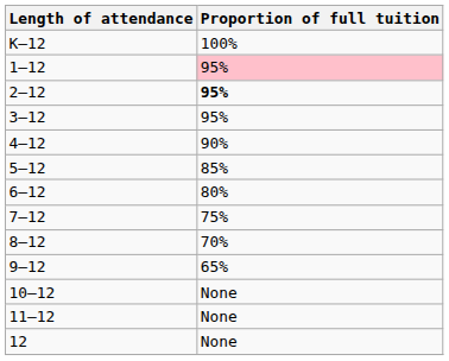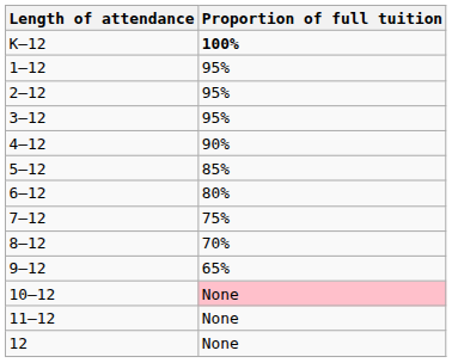 <table class="wikitable">
 <tr>
 <th>Length of attendance</th>
 <th>Proportion of full tuition</th>
 </tr>
 <tr>
 <td>K–12</td>
-<td>100%</td>
+<td><strong>100%</strong></td>
 </tr>
 <tr>
 <td>1–12</td>
-<td style="background: pink;">95%</td>
+<td>95%</td>
 </tr>
 <tr>
 <td>2–12</td>
-<td><strong>95%</strong></td>
+<td>95%</td>
 </tr>
 <tr>
 <td>3–12</td>
 <td>95%</td>
 </tr>
 <tr>
 <td>4–12</td>
 <td>90%</td>
 </tr>
 <tr>
 <td>5–12</td>
 <td>85%</td>
 </tr>
 <tr>
 <td>6–12</td>
 <td>80%</td>
 </tr>
 <tr>
 <td>7–12</td>
 <td>75%</td>
 </tr>
 <tr>
 <td>8–12</td>
 <td>70%</td>
 </tr>
 <tr>
 <td>9–12</td>
 <td>65%</td>
 </tr>
 <tr>
 <td>10–12</td>
-<td>None</td>
+<td style="background: pink;">None</td>
 </tr>
 <tr>
 <td>11–12</td>
 <td>None</td>
 </tr>
 <tr>
 <td>12</td>
 <td>None</td>
 </tr>
 <tr>
 </tr>
 </table>
